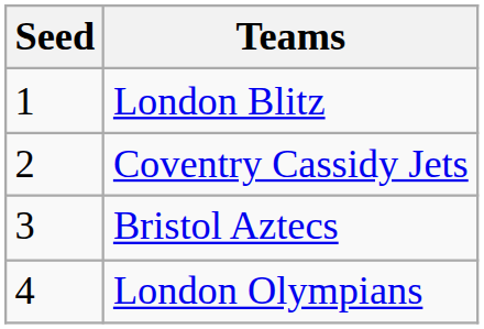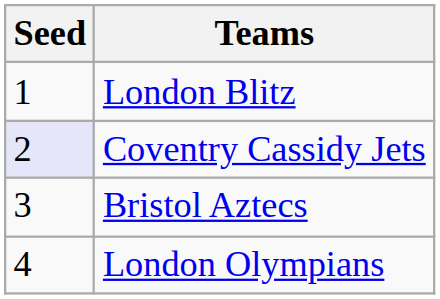 <table class="wikitable">
 <tr>
 <th>Seed</th>
 <th>Teams</th>
 </tr>
 <tr>
 <td>1</td>
 <td><a href='#'>London Blitz</a></td>
 </tr>
 <tr>
-<td>2</td>
+<td style="background: lavender;">2</td>
 <td><a href='#'>Coventry Cassidy Jets</a></td>
 </tr>
 <tr>
 <td>3</td>
 <td><a href='#'>Bristol Aztecs</a></td>
 </tr>
 <tr>
 <td>4</td>
 <td><a href='#'>London Olympians</a></td>
 </tr>
 </table>
